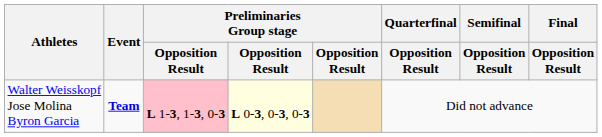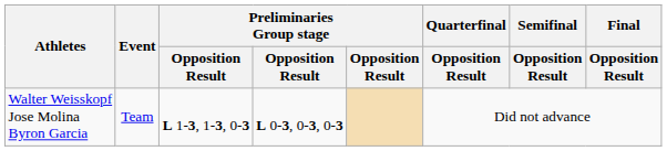 <table class="wikitable" border="1" style="font-size:90%">
 <tr>
 <th rowspan=2>Athletes</th>
 <th rowspan=2>Event</th>
 <th colspan=3>Preliminaries<br>Group stage</th>
 <th>Quarterfinal</th>
 <th>Semifinal</th>
 <th>Final</th>
 </tr>
 <tr>
 <th>Opposition<br>Result</th>
 <th>Opposition<br>Result</th>
 <th>Opposition<br>Result</th>
 <th>Opposition<br>Result</th>
 <th>Opposition<br>Result</th>
 <th>Opposition<br>Result</th>
 </tr>
 <tr>
 <td><a href='#'>Walter Weisskopf</a><br>Jose Molina<br><a href='#'>Byron Garcia</a></td>
-<td align=center><strong><a href='#'>Team</a></strong></td>
-<td align=center style="background: pink;"><br><strong>L</strong> 1-<strong>3</strong>, 1-<strong>3</strong>, 0-<strong>3</strong></td>
-<td align=center style="background: lightyellow;"><br><strong>L</strong> 0-<strong>3</strong>, 0-<strong>3</strong>, 0-<strong>3</strong></td>
+<td align=center><a href='#'>Team</a></td>
+<td align=center><br><strong>L</strong> 1-<strong>3</strong>, 1-<strong>3</strong>, 0-<strong>3</strong></td>
+<td align=center><br><strong>L</strong> 0-<strong>3</strong>, 0-<strong>3</strong>, 0-<strong>3</strong></td>
 <td bgcolor=wheat></td>
 <td align="center" colspan="7">Did not advance</td>
 </tr>
 </table>
